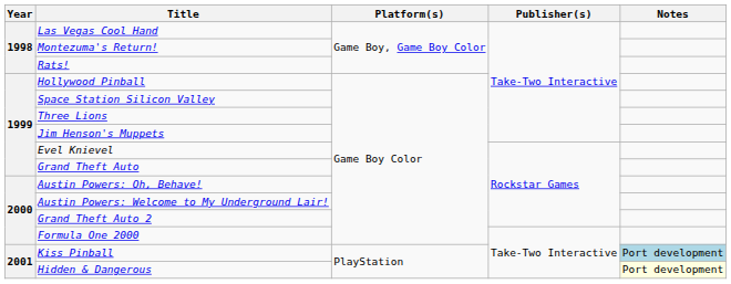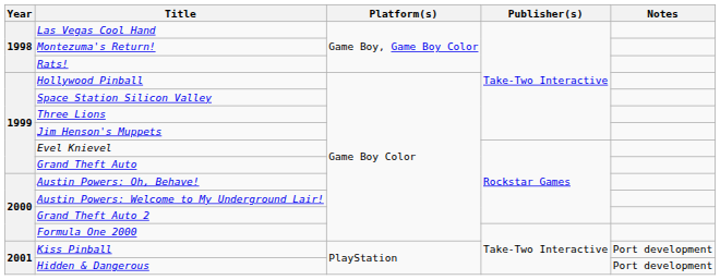 <table class="wikitable sortable plainrowheaders">
 <tr>
 <th scope="col">Year</th>
 <th scope="col">Title</th>
 <th scope="col">Platform(s)</th>
 <th scope="col">Publisher(s)</th>
 <th scope="col" class="unsortable">Notes</th>
 </tr>
 <tr>
 <th scope="row" rowspan="3">1998</th>
 <td><em><a href='#'>Las Vegas Cool Hand</a></em></td>
 <td rowspan="3">Game Boy, <a href='#'>Game Boy Color</a></td>
 <td rowspan="7"><a href='#'>Take-Two Interactive</a></td>
 <td></td>
 </tr>
 <tr>
 <td><em><a href='#'>Montezuma's Return!</a></em></td>
 <td></td>
 </tr>
 <tr>
 <td><em><a href='#'>Rats!</a></em></td>
 <td></td>
 </tr>
 <tr>
 <th scope="row" rowspan="6">1999</th>
 <td><em><a href='#'>Hollywood Pinball</a></em></td>
 <td rowspan="10">Game Boy Color</td>
 <td></td>
 </tr>
 <tr>
 <td><em><a href='#'>Space Station Silicon Valley</a></em></td>
 <td></td>
 </tr>
 <tr>
 <td><em><a href='#'>Three Lions</a></em></td>
 <td></td>
 </tr>
 <tr>
 <td><em><a href='#'>Jim Henson's Muppets</a></em></td>
 <td></td>
 </tr>
 <tr>
 <td><em>Evel Knievel</em></td>
 <td rowspan="5"><a href='#'>Rockstar Games</a></td>
 <td></td>
 </tr>
 <tr>
 <td><em><a href='#'>Grand Theft Auto</a></em></td>
 <td></td>
 </tr>
 <tr>
 <th scope="row" rowspan="4">2000</th>
 <td><em><a href='#'>Austin Powers: Oh, Behave!</a></em></td>
 <td></td>
 </tr>
 <tr>
 <td><em><a href='#'>Austin Powers: Welcome to My Underground Lair!</a></em></td>
 <td></td>
 </tr>
 <tr>
 <td><em><a href='#'>Grand Theft Auto 2</a></em></td>
 <td></td>
 </tr>
 <tr>
 <td><em><a href='#'>Formula One 2000</a></em></td>
 <td rowspan="3">Take-Two Interactive</td>
 <td></td>
 </tr>
 <tr>
 <th scope="row" rowspan="2">2001</th>
 <td><em><a href='#'>Kiss Pinball</a></em></td>
 <td rowspan="2">PlayStation</td>
-<td style="background: lightblue;">Port development</td>
+<td>Port development</td>
 </tr>
 <tr>
 <td><em><a href='#'>Hidden & Dangerous</a></em></td>
-<td style="background: lightyellow;">Port development</td>
+<td>Port development</td>
 </tr>
 </table>
